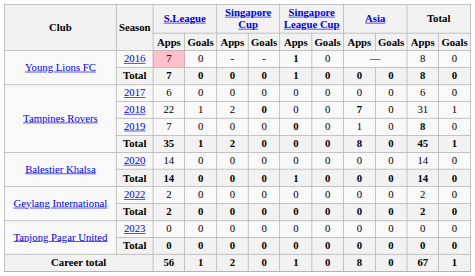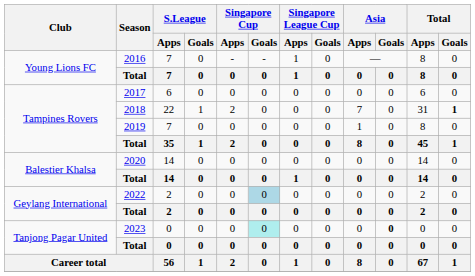 <table class="wikitable" style="text-align:center">
 <tr>
 <th rowspan=2 width=160>Club</th>
 <th rowspan=2>Season</th>
 <th colspan=2><a href='#'>S.League</a></th>
 <th colspan=2><a href='#'>Singapore Cup</a></th>
 <th colspan=2><a href='#'>Singapore<br>League Cup</a></th>
 <th colspan="2"><a href='#'>Asia</a></th>
 <th colspan=2>Total</th>
 </tr>
 <tr>
 <th width=40>Apps</th>
 <th width=40>Goals</th>
 <th width=40>Apps</th>
 <th width=40>Goals</th>
 <th width=40>Apps</th>
 <th width=40>Goals</th>
 <th width=40>Apps</th>
 <th width=40>Goals</th>
 <th width=40>Apps</th>
 <th width=40>Goals</th>
 </tr>
 <tr>
 <td rowspan="2"><a href='#'>Young Lions FC</a></td>
 <td><a href='#'>2016</a></td>
-<td style="background: pink;">7</td>
+<td>7</td>
 <td>0</td>
 <td>-</td>
 <td>-</td>
-<td><strong>1</strong></td>
+<td>1</td>
 <td>0</td>
 <td colspan='2'>—</td>
 <td>8</td>
 <td>0</td>
 </tr>
 <tr>
 <th>Total</th>
 <th>7</th>
 <th>0</th>
 <th>0</th>
 <th>0</th>
 <th>1</th>
 <th>0</th>
 <th>0</th>
 <th>0</th>
 <th>8</th>
 <th>0</th>
 </tr>
 <tr>
 <td rowspan="4"><a href='#'>Tampines Rovers</a></td>
 <td><a href='#'>2017</a></td>
 <td>6</td>
 <td>0</td>
 <td>0</td>
 <td>0</td>
 <td>0</td>
 <td>0</td>
 <td>0</td>
 <td>0</td>
 <td>6</td>
 <td>0</td>
 </tr>
 <tr>
 <td><a href='#'>2018</a></td>
 <td>22</td>
 <td>1</td>
 <td>2</td>
-<td><strong>0</strong></td>
 <td>0</td>
 <td>0</td>
-<td><strong>7</strong></td>
+<td>0</td>
+<td>7</td>
 <td>0</td>
 <td>31</td>
-<td>1</td>
+<td><strong>1</strong></td>
 </tr>
 <tr>
 <td><a href='#'>2019</a></td>
 <td>7</td>
 <td>0</td>
 <td>0</td>
 <td>0</td>
-<td><strong>0</strong></td>
+<td>0</td>
 <td>0</td>
 <td>1</td>
 <td>0</td>
-<td><strong>8</strong></td>
+<td>8</td>
 <td>0</td>
 </tr>
 <tr>
 <th>Total</th>
 <th>35</th>
 <th>1</th>
 <th>2</th>
 <th>0</th>
 <th>0</th>
 <th>0</th>
 <th>8</th>
 <th>0</th>
 <th>45</th>
 <th>1</th>
 </tr>
 <tr>
 <td rowspan="2"><a href='#'>Balestier Khalsa</a></td>
 <td><a href='#'>2020</a></td>
 <td>14</td>
 <td>0</td>
 <td>0</td>
 <td>0</td>
 <td>0</td>
 <td>0</td>
 <td>0</td>
 <td>0</td>
 <td>14</td>
 <td>0</td>
 </tr>
 <tr>
 <th>Total</th>
 <th>14</th>
 <th>0</th>
 <th>0</th>
 <th>0</th>
 <th>1</th>
 <th>0</th>
 <th>0</th>
 <th>0</th>
 <th>14</th>
 <th>0</th>
 </tr>
 <tr>
 <td rowspan="2"><a href='#'>Geylang International</a></td>
 <td><a href='#'>2022</a></td>
 <td>2</td>
 <td>0</td>
 <td>0</td>
-<td>0</td>
+<td style="background: lightblue;">0</td>
 <td>0</td>
 <td>0</td>
 <td>0</td>
 <td>0</td>
 <td>2</td>
 <td>0</td>
 </tr>
 <tr>
 <th>Total</th>
 <th>2</th>
 <th>0</th>
 <th>0</th>
 <th>0</th>
 <th>0</th>
 <th>0</th>
 <th>0</th>
 <th>0</th>
 <th>2</th>
 <th>0</th>
 </tr>
 <tr>
 <td rowspan="2"><a href='#'>Tanjong Pagar United</a></td>
 <td><a href='#'>2023</a></td>
 <td>0</td>
 <td>0</td>
 <td>0</td>
+<td style="background: paleturquoise;">0</td>
 <td>0</td>
 <td>0</td>
 <td>0</td>
-<td>0</td>
-<td>0</td>
+<td><strong>0</strong></td>
 <td>0</td>
 <td>0</td>
 </tr>
 <tr>
 <th>Total</th>
 <th>0</th>
 <th>0</th>
 <th>0</th>
 <th>0</th>
 <th>0</th>
 <th>0</th>
 <th>0</th>
 <th>0</th>
 <th>0</th>
 <th>0</th>
 </tr>
 <tr>
 <th colspan=2>Career total</th>
 <th>56</th>
 <th>1</th>
 <th>2</th>
 <th>0</th>
 <th>1</th>
 <th>0</th>
 <th>8</th>
 <th>0</th>
 <th>67</th>
 <th>1</th>
 </tr>
 <tr>
 </tr>
 </table>
